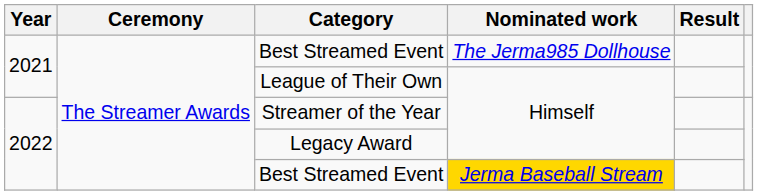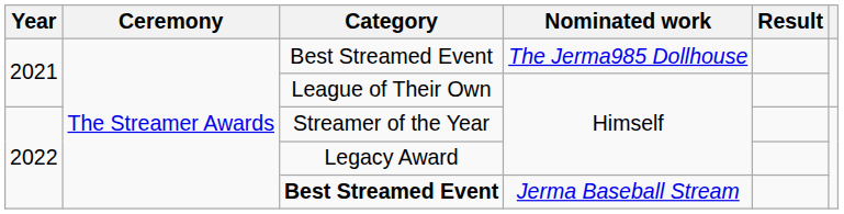 <table class="wikitable" style="text-align:center;">
 <tr>
 <th>Year</th>
 <th>Ceremony</th>
 <th>Category</th>
 <th>Nominated work</th>
 <th>Result</th>
 <th></th>
 </tr>
 <tr>
 <td rowspan="2">2021</td>
 <td rowspan="5"><a href='#'>The Streamer Awards</a></td>
 <td>Best Streamed Event</td>
 <td><em><a href='#'>The Jerma985 Dollhouse</a></em></td>
 <td></td>
 <td rowspan="2"></td>
 </tr>
 <tr>
 <td>League of Their Own</td>
 <td rowspan="3">Himself</td>
 <td></td>
 </tr>
 <tr>
 <td rowspan="3">2022</td>
 <td>Streamer of the Year</td>
 <td></td>
 <td rowspan="3"></td>
 </tr>
 <tr>
 <td>Legacy Award</td>
 <td></td>
 </tr>
 <tr>
-<td>Best Streamed Event</td>
-<td style="background: gold;"><em><a href='#'>Jerma Baseball Stream</a></em></td>
+<td><strong>Best Streamed Event</strong></td>
+<td><em><a href='#'>Jerma Baseball Stream</a></em></td>
 <td></td>
 </tr>
 </table>
